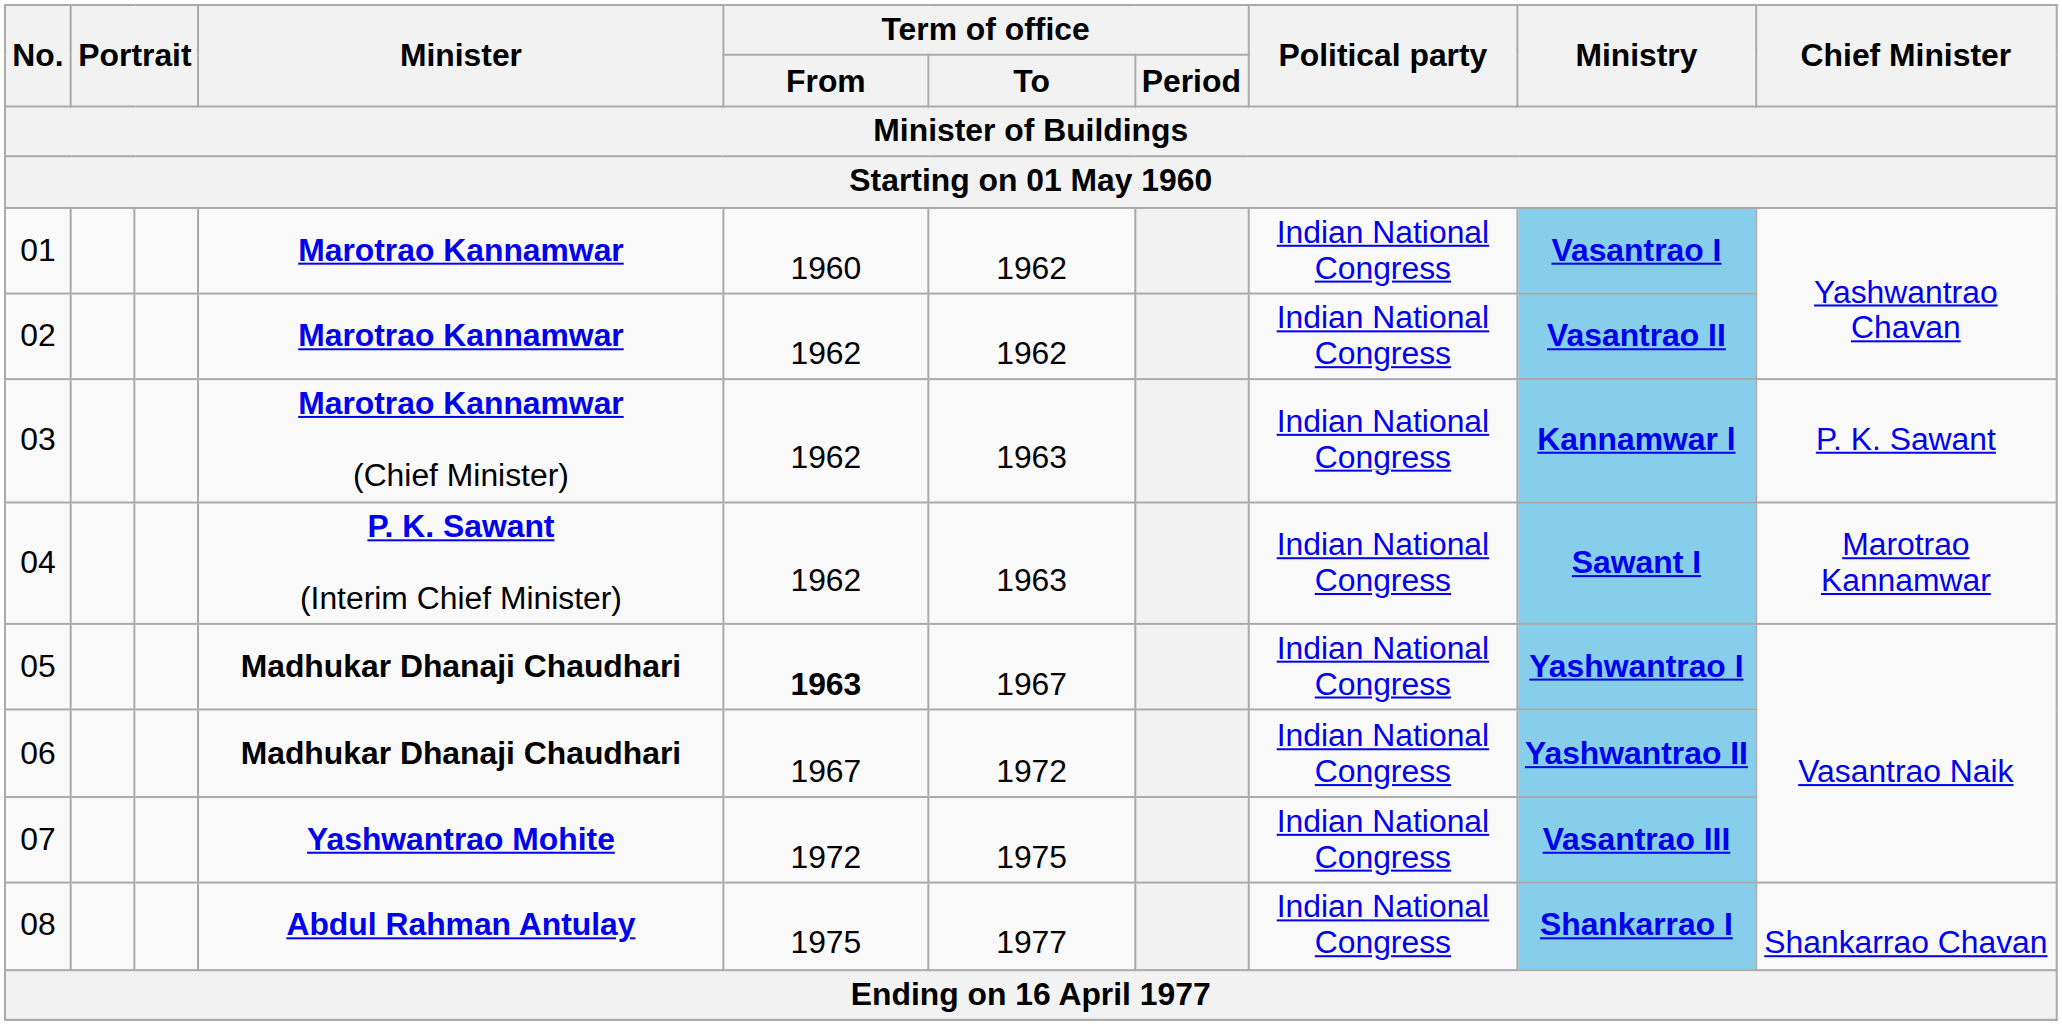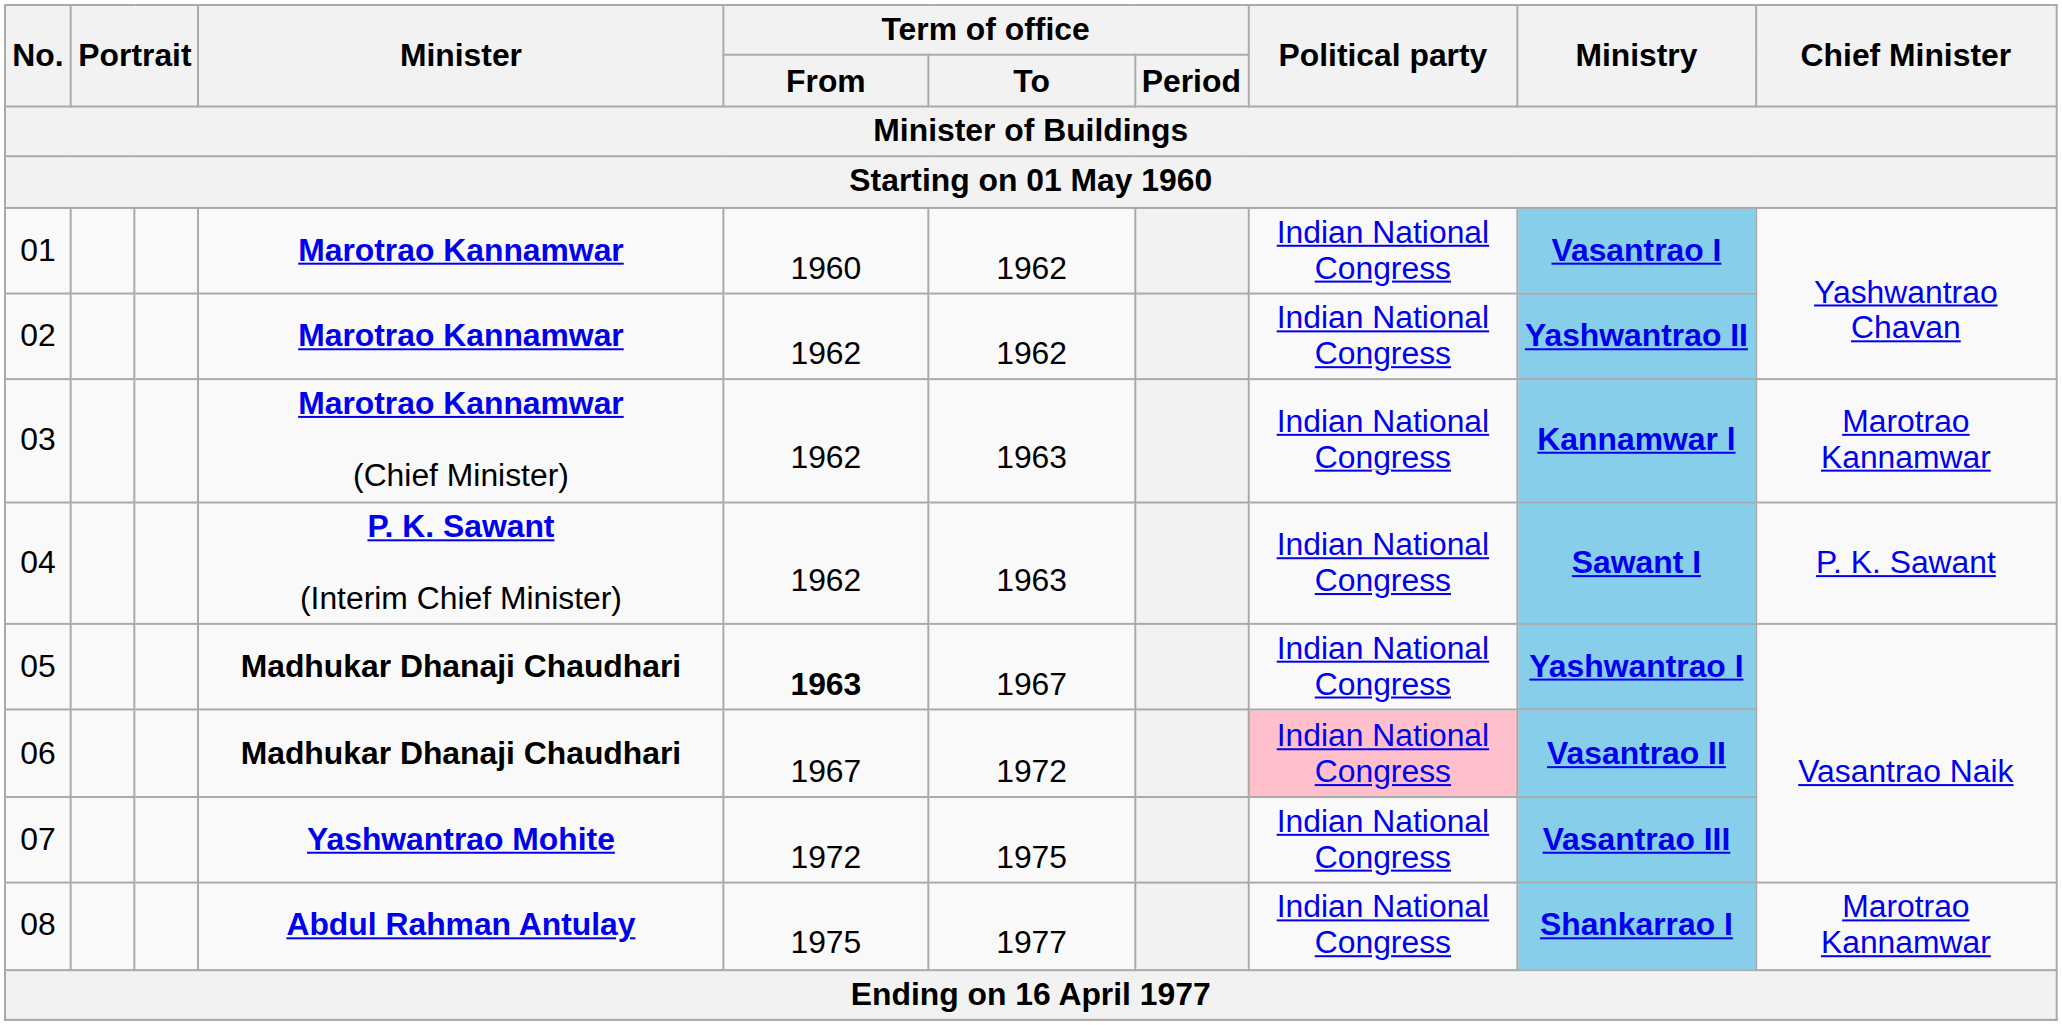 <table class="wikitable" style="text-align:center">
 <tr>
 <th rowspan="2">No.</th>
 <th rowspan="2" colspan="2">Portrait</th>
 <th rowspan="2" style="width:16em">Minister<br></th>
 <th colspan="3">Term of office</th>
 <th rowspan="2" style="width:8em">Political party</th>
 <th rowspan="2">Ministry</th>
 <th rowspan="2" style="width:9em">Chief Minister</th>
 </tr>
 <tr>
 <th style="width:6em">From</th>
 <th style="width:6em">To</th>
 <th>Period</th>
 </tr>
 <tr>
 <th colspan="10">Minister of Buildings</th>
 </tr>
 <tr>
 <th colspan="10">Starting on 01 May 1960</th>
 </tr>
 <tr>
 <td>01</td>
 <td style="color:inherit;background:"></td>
 <td></td>
 <td><strong><a href='#'>Marotrao Kannamwar</a></strong> <br> </td>
 <td><br>1960</td>
 <td><br>1962</td>
 <th></th>
 <td><a href='#'>Indian National Congress</a></td>
 <td bgcolor="#87CEEB"><a href='#'><strong>Vasantrao I</strong></a></td>
 <td rowspan="2"> <br><a href='#'>Yashwantrao Chavan</a></td>
 </tr>
 <tr>
 <td>02</td>
 <td style="color:inherit;background:"></td>
 <td></td>
 <td><strong><a href='#'>Marotrao Kannamwar</a></strong> <br> </td>
 <td><br>1962</td>
 <td><br>1962</td>
 <th></th>
 <td><a href='#'>Indian National Congress</a></td>
-<td rowspan="1" bgcolor="#87CEEB"><a href='#'><strong>Vasantrao II</strong></a></td>
+<td bgcolor="#87CEEB"><a href='#'><strong>Yashwantrao II</strong></a></td>
 </tr>
 <tr>
 <td>03</td>
 <td style="color:inherit;background:"></td>
 <td></td>
 <td><strong><a href='#'>Marotrao Kannamwar</a></strong> <br> <br>(Chief Minister)</td>
 <td><br>1962</td>
 <td><br>1963</td>
 <th></th>
 <td><a href='#'>Indian National Congress</a></td>
 <td bgcolor="#87CEEB"><a href='#'><strong>Kannamwar l</strong></a></td>
-<td><a href='#'>P. K. Sawant</a></td>
+<td><a href='#'>Marotrao Kannamwar</a></td>
 </tr>
 <tr>
 <td>04</td>
 <td style="color:inherit;background:"></td>
 <td></td>
 <td><strong><a href='#'>P. K. Sawant</a></strong> <br>  <br>(Interim Chief Minister)</td>
 <td><br>1962</td>
 <td><br>1963</td>
 <th></th>
 <td><a href='#'>Indian National Congress</a></td>
 <td bgcolor="#87CEEB"><a href='#'><strong>Sawant I</strong></a></td>
-<td><a href='#'>Marotrao Kannamwar</a></td>
+<td><a href='#'>P. K. Sawant</a></td>
 </tr>
 <tr>
 <td>05</td>
 <td style="color:inherit;background:"></td>
 <td></td>
 <td><strong>Madhukar Dhanaji Chaudhari</strong> <br> </td>
 <td><strong><br>1963</strong></td>
 <td><br>1967</td>
 <th></th>
 <td><a href='#'>Indian National Congress</a></td>
 <td bgcolor="#87CEEB"><a href='#'><strong>Yashwantrao I</strong></a></td>
 <td rowspan="3"><br><a href='#'>Vasantrao Naik</a></td>
 </tr>
 <tr>
 <td>06</td>
 <td style="color:inherit;background:"></td>
 <td></td>
 <td><strong>Madhukar Dhanaji Chaudhari</strong> <br> </td>
 <td><br>1967</td>
 <td><br>1972</td>
 <th></th>
-<td><a href='#'>Indian National Congress</a></td>
-<td bgcolor="#87CEEB"><a href='#'><strong>Yashwantrao II</strong></a></td>
+<td style="background: pink;"><a href='#'>Indian National Congress</a></td>
+<td rowspan="1" bgcolor="#87CEEB"><a href='#'><strong>Vasantrao II</strong></a></td>
 </tr>
 <tr>
 <td>07</td>
 <td style="color:inherit;background:"></td>
 <td></td>
 <td><strong><a href='#'>Yashwantrao Mohite</a></strong> <br> </td>
 <td><br>1972</td>
 <td><br>1975</td>
 <th></th>
 <td><a href='#'>Indian National Congress</a></td>
 <td bgcolor="#87CEEB"><a href='#'><strong>Vasantrao III</strong></a></td>
 </tr>
 <tr>
 <td>08</td>
 <td style="color:inherit;background:"></td>
 <td></td>
 <td><strong><a href='#'>Abdul Rahman Antulay</a></strong> <br> </td>
 <td><br>1975</td>
 <td><br>1977</td>
 <th></th>
 <td><a href='#'>Indian National Congress</a></td>
 <td bgcolor="#87CEEB"><a href='#'><strong>Shankarrao I</strong></a></td>
-<td><br><a href='#'>Shankarrao Chavan</a></td>
+<td><a href='#'>Marotrao Kannamwar</a></td>
 </tr>
 <tr>
 <th colspan="10">Ending on 16 April 1977</th>
 </tr>
 <tr>
 </tr>
 </table>
